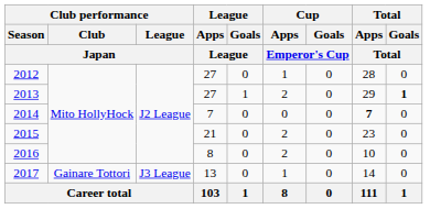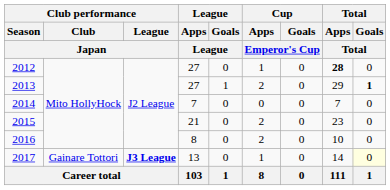 <table class="wikitable" style="text-align:center">
 <tr>
 <th colspan=3>Club performance</th>
 <th colspan=2>League</th>
 <th colspan=2>Cup</th>
 <th colspan=2>Total</th>
 </tr>
 <tr>
 <th>Season</th>
 <th>Club</th>
 <th>League</th>
 <th>Apps</th>
 <th>Goals</th>
 <th>Apps</th>
 <th>Goals</th>
 <th>Apps</th>
 <th>Goals</th>
 </tr>
 <tr>
 <th colspan=3>Japan</th>
 <th colspan=2>League</th>
 <th colspan=2><a href='#'>Emperor's Cup</a></th>
 <th colspan=2>Total</th>
 </tr>
 <tr>
 <td><a href='#'>2012</a></td>
 <td rowspan="5"><a href='#'>Mito HollyHock</a></td>
 <td rowspan="5"><a href='#'>J2 League</a></td>
 <td>27</td>
 <td>0</td>
 <td>1</td>
 <td>0</td>
-<td>28</td>
+<td><strong>28</strong></td>
 <td>0</td>
 </tr>
 <tr>
 <td><a href='#'>2013</a></td>
 <td>27</td>
 <td>1</td>
 <td>2</td>
 <td>0</td>
 <td>29</td>
 <td><strong>1</strong></td>
 </tr>
 <tr>
 <td><a href='#'>2014</a></td>
 <td>7</td>
 <td>0</td>
 <td>0</td>
 <td>0</td>
-<td><strong>7</strong></td>
+<td>7</td>
 <td>0</td>
 </tr>
 <tr>
 <td><a href='#'>2015</a></td>
 <td>21</td>
 <td>0</td>
 <td>2</td>
 <td>0</td>
 <td>23</td>
 <td>0</td>
 </tr>
 <tr>
 <td><a href='#'>2016</a></td>
 <td>8</td>
 <td>0</td>
 <td>2</td>
 <td>0</td>
 <td>10</td>
 <td>0</td>
 </tr>
 <tr>
 <td><a href='#'>2017</a></td>
 <td><a href='#'>Gainare Tottori</a></td>
-<td><a href='#'>J3 League</a></td>
+<td><strong><a href='#'>J3 League</a></strong></td>
 <td>13</td>
 <td>0</td>
 <td>1</td>
 <td>0</td>
 <td>14</td>
-<td>0</td>
+<td style="background: lightyellow;">0</td>
 </tr>
 <tr>
 <th colspan=3>Career total</th>
 <th>103</th>
 <th>1</th>
 <th>8</th>
 <th>0</th>
 <th>111</th>
 <th>1</th>
 </tr>
 </table>
